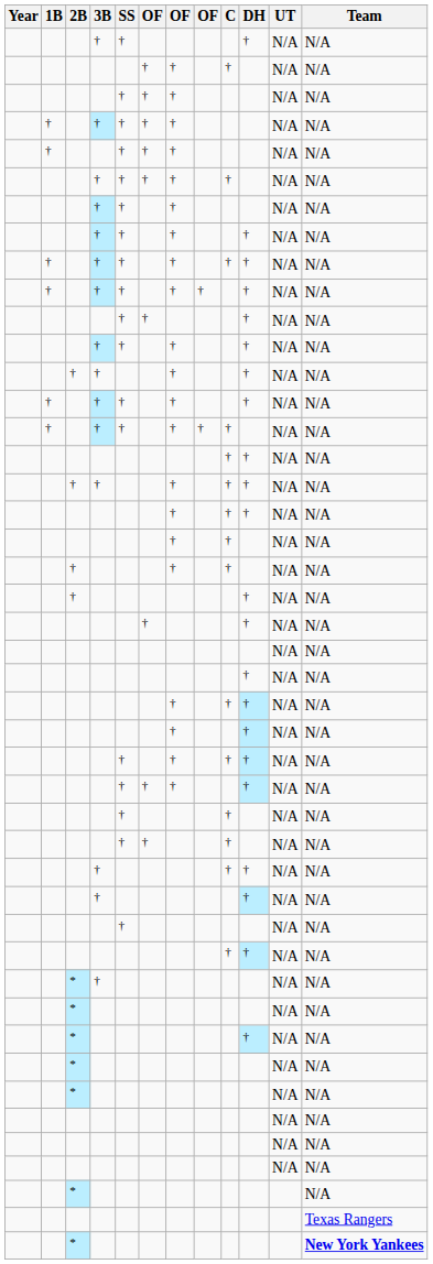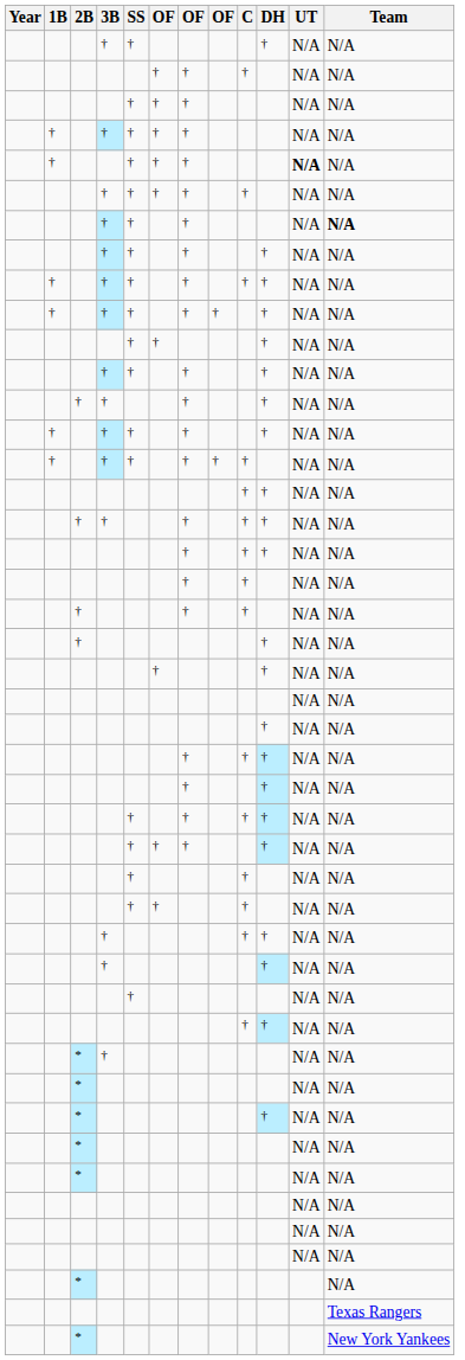 <table class="wikitable sortable">
 <tr>
 <th>Year</th>
 <th>1B</th>
 <th>2B</th>
 <th>3B</th>
 <th>SS</th>
 <th>OF</th>
 <th>OF</th>
 <th>OF</th>
 <th>C</th>
 <th>DH</th>
 <th>UT</th>
 <th>Team</th>
 </tr>
 <tr>
 <td></td>
 <td></td>
 <td></td>
 <td><sup>†</sup></td>
 <td><sup>†</sup></td>
 <td></td>
 <td></td>
 <td></td>
 <td></td>
 <td><sup>†</sup></td>
 <td>N/A</td>
 <td>N/A</td>
 </tr>
 <tr>
 <td></td>
 <td></td>
 <td></td>
 <td></td>
 <td></td>
 <td><sup>†</sup></td>
 <td><sup>†</sup></td>
 <td></td>
 <td><sup>†</sup></td>
 <td></td>
 <td>N/A</td>
 <td>N/A</td>
 </tr>
 <tr>
 <td></td>
 <td></td>
 <td></td>
 <td></td>
 <td><sup>†</sup></td>
 <td><sup>†</sup></td>
 <td><sup>†</sup></td>
 <td></td>
 <td></td>
 <td></td>
 <td>N/A</td>
 <td>N/A</td>
 </tr>
 <tr>
 <td></td>
 <td><sup>†</sup></td>
 <td></td>
 <td bgcolor=#bbeeff><sup>†</sup></td>
 <td><sup>†</sup></td>
 <td><sup>†</sup></td>
 <td><sup>†</sup></td>
 <td></td>
 <td></td>
 <td></td>
 <td>N/A</td>
 <td>N/A</td>
 </tr>
 <tr>
 <td></td>
 <td><sup>†</sup></td>
 <td></td>
 <td></td>
 <td><sup>†</sup></td>
 <td><sup>†</sup></td>
 <td><sup>†</sup></td>
 <td></td>
 <td></td>
 <td></td>
-<td>N/A</td>
+<td><strong>N/A</strong></td>
 <td>N/A</td>
 </tr>
 <tr>
 <td></td>
 <td></td>
 <td></td>
 <td><sup>†</sup></td>
 <td><sup>†</sup></td>
 <td><sup>†</sup></td>
 <td><sup>†</sup></td>
 <td></td>
 <td><sup>†</sup></td>
 <td></td>
 <td>N/A</td>
 <td>N/A</td>
 </tr>
 <tr>
 <td></td>
 <td></td>
 <td></td>
 <td bgcolor=#bbeeff><sup>†</sup></td>
 <td><sup>†</sup></td>
 <td></td>
 <td><sup>†</sup></td>
 <td></td>
 <td></td>
 <td></td>
 <td>N/A</td>
-<td>N/A</td>
+<td><strong>N/A</strong></td>
 </tr>
 <tr>
 <td></td>
 <td></td>
 <td></td>
 <td bgcolor=#bbeeff><sup>†</sup></td>
 <td><sup>†</sup></td>
 <td></td>
 <td><sup>†</sup></td>
 <td></td>
 <td></td>
 <td><sup>†</sup></td>
 <td>N/A</td>
 <td>N/A</td>
 </tr>
 <tr>
 <td></td>
 <td><sup>†</sup></td>
 <td></td>
 <td bgcolor=#bbeeff><sup>†</sup></td>
 <td><sup>†</sup></td>
 <td></td>
 <td><sup>†</sup></td>
 <td></td>
 <td><sup>†</sup></td>
 <td><sup>†</sup></td>
 <td>N/A</td>
 <td>N/A</td>
 </tr>
 <tr>
 <td></td>
 <td><sup>†</sup></td>
 <td></td>
 <td bgcolor=#bbeeff><sup>†</sup></td>
 <td><sup>†</sup></td>
 <td></td>
 <td><sup>†</sup></td>
 <td><sup>†</sup></td>
 <td></td>
 <td><sup>†</sup></td>
 <td>N/A</td>
 <td>N/A</td>
 </tr>
 <tr>
 <td></td>
 <td></td>
 <td></td>
 <td></td>
 <td><sup>†</sup></td>
 <td><sup>†</sup></td>
 <td></td>
 <td></td>
 <td></td>
 <td><sup>†</sup></td>
 <td>N/A</td>
 <td>N/A</td>
 </tr>
 <tr>
 <td></td>
 <td></td>
 <td></td>
 <td bgcolor=#bbeeff><sup>†</sup></td>
 <td><sup>†</sup></td>
 <td></td>
 <td><sup>†</sup></td>
 <td></td>
 <td></td>
 <td><sup>†</sup></td>
 <td>N/A</td>
 <td>N/A</td>
 </tr>
 <tr>
 <td></td>
 <td></td>
 <td><sup>†</sup></td>
 <td><sup>†</sup></td>
 <td></td>
 <td></td>
 <td><sup>†</sup></td>
 <td></td>
 <td></td>
 <td><sup>†</sup></td>
 <td>N/A</td>
 <td>N/A</td>
 </tr>
 <tr>
 <td></td>
 <td><sup>†</sup></td>
 <td></td>
 <td bgcolor=#bbeeff><sup>†</sup></td>
 <td><sup>†</sup></td>
 <td></td>
 <td><sup>†</sup></td>
 <td></td>
 <td></td>
 <td><sup>†</sup></td>
 <td>N/A</td>
 <td>N/A</td>
 </tr>
 <tr>
 <td></td>
 <td><sup>†</sup></td>
 <td></td>
 <td bgcolor=#bbeeff><sup>†</sup></td>
 <td><sup>†</sup></td>
 <td></td>
 <td><sup>†</sup></td>
 <td><sup>†</sup></td>
 <td><sup>†</sup></td>
 <td></td>
 <td>N/A</td>
 <td>N/A</td>
 </tr>
 <tr>
 <td></td>
 <td></td>
 <td></td>
 <td></td>
 <td></td>
 <td></td>
 <td></td>
 <td></td>
 <td><sup>†</sup></td>
 <td><sup>†</sup></td>
 <td>N/A</td>
 <td>N/A</td>
 </tr>
 <tr>
 <td></td>
 <td></td>
 <td><sup>†</sup></td>
 <td><sup>†</sup></td>
 <td></td>
 <td></td>
 <td><sup>†</sup></td>
 <td></td>
 <td><sup>†</sup></td>
 <td><sup>†</sup></td>
 <td>N/A</td>
 <td>N/A</td>
 </tr>
 <tr>
 <td></td>
 <td></td>
 <td></td>
 <td></td>
 <td></td>
 <td></td>
 <td><sup>†</sup></td>
 <td></td>
 <td><sup>†</sup></td>
 <td><sup>†</sup></td>
 <td>N/A</td>
 <td>N/A</td>
 </tr>
 <tr>
 <td></td>
 <td></td>
 <td></td>
 <td></td>
 <td></td>
 <td></td>
 <td><sup>†</sup></td>
 <td></td>
 <td><sup>†</sup></td>
 <td></td>
 <td>N/A</td>
 <td>N/A</td>
 </tr>
 <tr>
 <td></td>
 <td></td>
 <td><sup>†</sup></td>
 <td></td>
 <td></td>
 <td></td>
 <td><sup>†</sup></td>
 <td></td>
 <td><sup>†</sup></td>
 <td></td>
 <td>N/A</td>
 <td>N/A</td>
 </tr>
 <tr>
 <td></td>
 <td></td>
 <td><sup>†</sup></td>
 <td></td>
 <td></td>
 <td></td>
 <td></td>
 <td></td>
 <td></td>
 <td><sup>†</sup></td>
 <td>N/A</td>
 <td>N/A</td>
 </tr>
 <tr>
 <td></td>
 <td></td>
 <td></td>
 <td></td>
 <td></td>
 <td><sup>†</sup></td>
 <td></td>
 <td></td>
 <td></td>
 <td><sup>†</sup></td>
 <td>N/A</td>
 <td>N/A</td>
 </tr>
 <tr>
 <td></td>
 <td></td>
 <td></td>
 <td></td>
 <td></td>
 <td></td>
 <td></td>
 <td></td>
 <td></td>
 <td></td>
 <td>N/A</td>
 <td>N/A</td>
 </tr>
 <tr>
 <td></td>
 <td></td>
 <td></td>
 <td></td>
 <td></td>
 <td></td>
 <td></td>
 <td></td>
 <td></td>
 <td><sup>†</sup></td>
 <td>N/A</td>
 <td>N/A</td>
 </tr>
 <tr>
 <td></td>
 <td></td>
 <td></td>
 <td></td>
 <td></td>
 <td></td>
 <td><sup>†</sup></td>
 <td></td>
 <td><sup>†</sup></td>
 <td bgcolor=#bbeeff><sup>†</sup></td>
 <td>N/A</td>
 <td>N/A</td>
 </tr>
 <tr>
 <td></td>
 <td></td>
 <td></td>
 <td></td>
 <td></td>
 <td></td>
 <td><sup>†</sup></td>
 <td></td>
 <td></td>
 <td bgcolor=#bbeeff><sup>†</sup></td>
 <td>N/A</td>
 <td>N/A</td>
 </tr>
 <tr>
 <td></td>
 <td></td>
 <td></td>
 <td></td>
 <td><sup>†</sup></td>
 <td></td>
 <td><sup>†</sup></td>
 <td></td>
 <td><sup>†</sup></td>
 <td bgcolor=#bbeeff><sup>†</sup></td>
 <td>N/A</td>
 <td>N/A</td>
 </tr>
 <tr>
 <td></td>
 <td></td>
 <td></td>
 <td></td>
 <td><sup>†</sup></td>
 <td><sup>†</sup></td>
 <td><sup>†</sup></td>
 <td></td>
 <td></td>
 <td bgcolor=#bbeeff><sup>†</sup></td>
 <td>N/A</td>
 <td>N/A</td>
 </tr>
 <tr>
 <td></td>
 <td></td>
 <td></td>
 <td></td>
 <td><sup>†</sup></td>
 <td></td>
 <td></td>
 <td></td>
 <td><sup>†</sup></td>
 <td></td>
 <td>N/A</td>
 <td>N/A</td>
 </tr>
 <tr>
 <td></td>
 <td></td>
 <td></td>
 <td></td>
 <td><sup>†</sup></td>
 <td><sup>†</sup></td>
 <td></td>
 <td></td>
 <td><sup>†</sup></td>
 <td></td>
 <td>N/A</td>
 <td>N/A</td>
 </tr>
 <tr>
 <td></td>
 <td></td>
 <td></td>
 <td><sup>†</sup></td>
 <td></td>
 <td></td>
 <td></td>
 <td></td>
 <td><sup>†</sup></td>
 <td><sup>†</sup></td>
 <td>N/A</td>
 <td>N/A</td>
 </tr>
 <tr>
 <td></td>
 <td></td>
 <td></td>
 <td><sup>†</sup></td>
 <td></td>
 <td></td>
 <td></td>
 <td></td>
 <td></td>
 <td bgcolor=#bbeeff><sup>†</sup></td>
 <td>N/A</td>
 <td>N/A</td>
 </tr>
 <tr>
 <td></td>
 <td></td>
 <td></td>
 <td></td>
 <td><sup>†</sup></td>
 <td></td>
 <td></td>
 <td></td>
 <td></td>
 <td></td>
 <td>N/A</td>
 <td>N/A</td>
 </tr>
 <tr>
 <td></td>
 <td></td>
 <td></td>
 <td></td>
 <td></td>
 <td></td>
 <td></td>
 <td></td>
 <td><sup>†</sup></td>
 <td bgcolor=#bbeeff><sup>†</sup></td>
 <td>N/A</td>
 <td>N/A</td>
 </tr>
 <tr>
 <td></td>
 <td></td>
 <td bgcolor=#bbeeff><sup>*</sup></td>
 <td><sup>†</sup></td>
 <td></td>
 <td></td>
 <td></td>
 <td></td>
 <td></td>
 <td></td>
 <td>N/A</td>
 <td>N/A</td>
 </tr>
 <tr>
 <td></td>
 <td></td>
 <td bgcolor=#bbeeff><sup>*</sup></td>
 <td></td>
 <td></td>
 <td></td>
 <td></td>
 <td></td>
 <td></td>
 <td></td>
 <td>N/A</td>
 <td>N/A</td>
 </tr>
 <tr>
 <td></td>
 <td></td>
 <td bgcolor=#bbeeff><sup>*</sup></td>
 <td></td>
 <td></td>
 <td></td>
 <td></td>
 <td></td>
 <td></td>
 <td bgcolor=#bbeeff><sup>†</sup></td>
 <td>N/A</td>
 <td>N/A</td>
 </tr>
 <tr>
 <td></td>
 <td></td>
 <td bgcolor=#bbeeff><sup>*</sup></td>
 <td></td>
 <td></td>
 <td></td>
 <td></td>
 <td></td>
 <td></td>
 <td></td>
 <td>N/A</td>
 <td>N/A</td>
 </tr>
 <tr>
 <td></td>
 <td></td>
 <td bgcolor=#bbeeff><sup>*</sup></td>
 <td></td>
 <td></td>
 <td></td>
 <td></td>
 <td></td>
 <td></td>
 <td></td>
 <td>N/A</td>
 <td>N/A</td>
 </tr>
 <tr>
 <td></td>
 <td></td>
 <td></td>
 <td></td>
 <td></td>
 <td></td>
 <td></td>
 <td></td>
 <td></td>
 <td></td>
 <td>N/A</td>
 <td>N/A</td>
 </tr>
 <tr>
 <td></td>
 <td></td>
 <td></td>
 <td></td>
 <td></td>
 <td></td>
 <td></td>
 <td></td>
 <td></td>
 <td></td>
 <td>N/A</td>
 <td>N/A</td>
 </tr>
 <tr>
 <td></td>
 <td></td>
 <td></td>
 <td></td>
 <td></td>
 <td></td>
 <td></td>
 <td></td>
 <td></td>
 <td></td>
 <td>N/A</td>
 <td>N/A</td>
 </tr>
 <tr>
 <td></td>
 <td></td>
 <td bgcolor=#bbeeff><sup>*</sup></td>
 <td></td>
 <td></td>
 <td></td>
 <td></td>
 <td></td>
 <td></td>
 <td></td>
 <td></td>
 <td>N/A</td>
 </tr>
 <tr>
 <td></td>
 <td></td>
 <td></td>
 <td></td>
 <td></td>
 <td></td>
 <td></td>
 <td></td>
 <td></td>
 <td></td>
 <td></td>
 <td><a href='#'>Texas Rangers</a></td>
 </tr>
 <tr>
 <td></td>
 <td></td>
 <td bgcolor=#bbeeff><sup>*</sup></td>
 <td></td>
 <td></td>
 <td></td>
 <td></td>
 <td></td>
 <td></td>
 <td></td>
 <td></td>
-<td><strong><a href='#'>New York Yankees</a></strong></td>
+<td><a href='#'>New York Yankees</a></td>
 </tr>
 </table>
